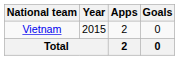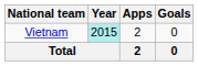 <table class="wikitable" style="text-align: center;">
 <tr>
 <th>National team</th>
 <th>Year</th>
 <th>Apps</th>
 <th>Goals</th>
 </tr>
 <tr>
 <td><a href='#'>Vietnam</a></td>
-<td>2015</td>
+<td style="background: paleturquoise;">2015</td>
 <td>2</td>
 <td>0</td>
 </tr>
 <tr>
 <th colspan="2">Total</th>
 <th>2</th>
 <th>0</th>
 </tr>
 </table>
